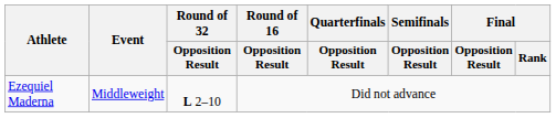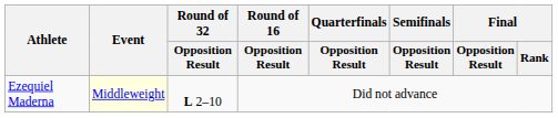 <table class="wikitable" style="font-size:90%">
 <tr>
 <th rowspan="2">Athlete</th>
 <th rowspan="2">Event</th>
 <th>Round of 32</th>
 <th>Round of 16</th>
 <th>Quarterfinals</th>
 <th>Semifinals</th>
 <th colspan=2>Final</th>
 </tr>
 <tr style="font-size:95%">
 <th>Opposition<br>Result</th>
 <th>Opposition<br>Result</th>
 <th>Opposition<br>Result</th>
 <th>Opposition<br>Result</th>
 <th>Opposition<br>Result</th>
 <th>Rank</th>
 </tr>
 <tr align=center>
 <td align=left><a href='#'>Ezequiel Maderna</a></td>
-<td align=left><a href='#'>Middleweight</a></td>
+<td align=left style="background: lightyellow;"><a href='#'>Middleweight</a></td>
 <td><br><strong>L</strong> 2–10</td>
 <td colspan=5>Did not advance</td>
 </tr>
 </table>
